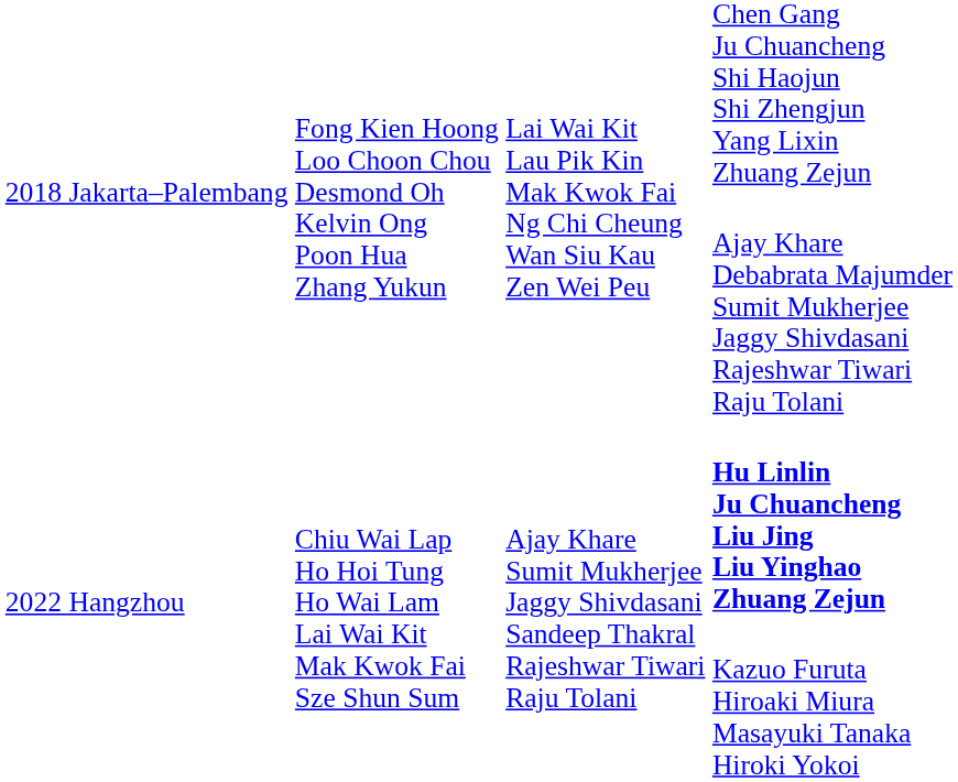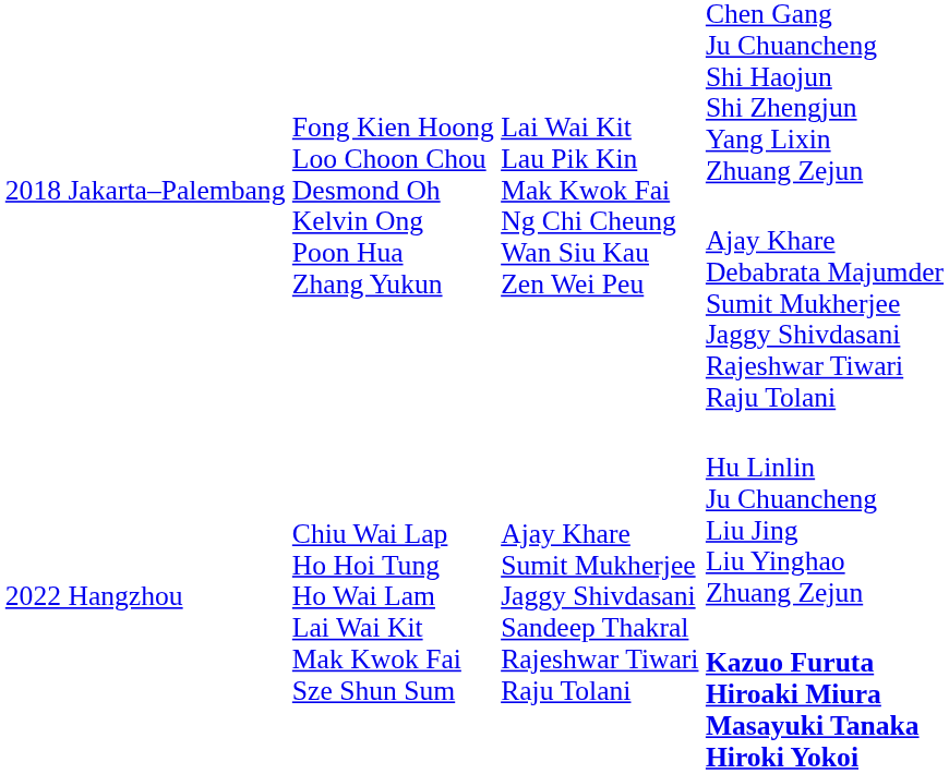 <table>
 <tr>
 <td rowspan=2><a href='#'>2018 Jakarta–Palembang</a></td>
 <td rowspan=2><br><a href='#'>Fong Kien Hoong</a><br><a href='#'>Loo Choon Chou</a><br><a href='#'>Desmond Oh</a><br><a href='#'>Kelvin Ong</a><br><a href='#'>Poon Hua</a><br><a href='#'>Zhang Yukun</a></td>
 <td rowspan=2><br><a href='#'>Lai Wai Kit</a><br><a href='#'>Lau Pik Kin</a><br><a href='#'>Mak Kwok Fai</a><br><a href='#'>Ng Chi Cheung</a><br><a href='#'>Wan Siu Kau</a><br><a href='#'>Zen Wei Peu</a></td>
 <td><br><a href='#'>Chen Gang</a><br><a href='#'>Ju Chuancheng</a><br><a href='#'>Shi Haojun</a><br><a href='#'>Shi Zhengjun</a><br><a href='#'>Yang Lixin</a><br><a href='#'>Zhuang Zejun</a></td>
 </tr>
 <tr>
 <td><br><a href='#'>Ajay Khare</a><br><a href='#'>Debabrata Majumder</a><br><a href='#'>Sumit Mukherjee</a><br><a href='#'>Jaggy Shivdasani</a><br><a href='#'>Rajeshwar Tiwari</a><br><a href='#'>Raju Tolani</a></td>
 </tr>
 <tr>
 <td rowspan=2><a href='#'>2022 Hangzhou</a></td>
 <td rowspan=2><br><a href='#'>Chiu Wai Lap</a><br><a href='#'>Ho Hoi Tung</a><br><a href='#'>Ho Wai Lam</a><br><a href='#'>Lai Wai Kit</a><br><a href='#'>Mak Kwok Fai</a><br><a href='#'>Sze Shun Sum</a></td>
 <td rowspan=2><br><a href='#'>Ajay Khare</a><br><a href='#'>Sumit Mukherjee</a><br><a href='#'>Jaggy Shivdasani</a><br><a href='#'>Sandeep Thakral</a><br><a href='#'>Rajeshwar Tiwari</a><br><a href='#'>Raju Tolani</a></td>
-<td><strong><br><a href='#'>Hu Linlin</a><br><a href='#'>Ju Chuancheng</a><br><a href='#'>Liu Jing</a><br><a href='#'>Liu Yinghao</a><br><a href='#'>Zhuang Zejun</a></strong></td>
+<td><br><a href='#'>Hu Linlin</a><br><a href='#'>Ju Chuancheng</a><br><a href='#'>Liu Jing</a><br><a href='#'>Liu Yinghao</a><br><a href='#'>Zhuang Zejun</a></td>
 </tr>
 <tr>
-<td><br><a href='#'>Kazuo Furuta</a><br><a href='#'>Hiroaki Miura</a><br><a href='#'>Masayuki Tanaka</a><br><a href='#'>Hiroki Yokoi</a></td>
+<td><strong><br><a href='#'>Kazuo Furuta</a><br><a href='#'>Hiroaki Miura</a><br><a href='#'>Masayuki Tanaka</a><br><a href='#'>Hiroki Yokoi</a></strong></td>
 </tr>
 </table>
